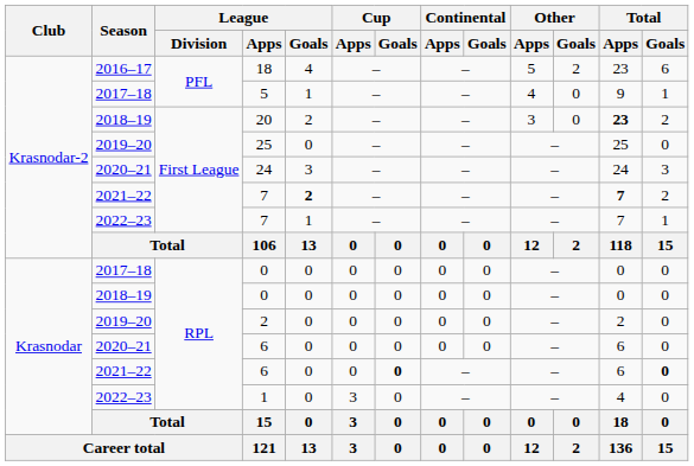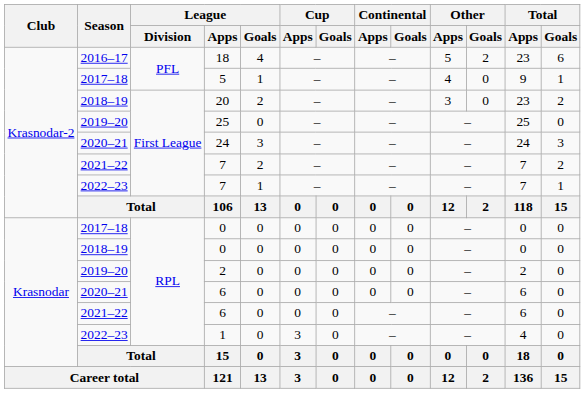 <table class="wikitable" style="text-align: center;">
 <tr>
 <th rowspan=2>Club</th>
 <th rowspan=2>Season</th>
 <th colspan=3>League</th>
 <th colspan=2>Cup</th>
 <th colspan=2>Continental</th>
 <th colspan=2>Other</th>
 <th colspan=2>Total</th>
 </tr>
 <tr>
 <th>Division</th>
 <th>Apps</th>
 <th>Goals</th>
 <th>Apps</th>
 <th>Goals</th>
 <th>Apps</th>
 <th>Goals</th>
 <th>Apps</th>
 <th>Goals</th>
 <th>Apps</th>
 <th>Goals</th>
 </tr>
 <tr>
 <td rowspan="8"><a href='#'>Krasnodar-2</a></td>
 <td><a href='#'>2016–17</a></td>
 <td rowspan="2"><a href='#'>PFL</a></td>
 <td>18</td>
 <td>4</td>
 <td colspan=2>–</td>
 <td colspan=2>–</td>
 <td>5</td>
 <td>2</td>
 <td>23</td>
 <td>6</td>
 </tr>
 <tr>
 <td><a href='#'>2017–18</a></td>
 <td>5</td>
 <td>1</td>
 <td colspan=2>–</td>
 <td colspan=2>–</td>
 <td>4</td>
 <td>0</td>
 <td>9</td>
 <td>1</td>
 </tr>
 <tr>
 <td><a href='#'>2018–19</a></td>
 <td rowspan="5"><a href='#'>First League</a></td>
 <td>20</td>
 <td>2</td>
 <td colspan=2>–</td>
 <td colspan=2>–</td>
 <td>3</td>
 <td>0</td>
-<td><strong>23</strong></td>
+<td>23</td>
 <td>2</td>
 </tr>
 <tr>
 <td><a href='#'>2019–20</a></td>
 <td>25</td>
 <td>0</td>
 <td colspan=2>–</td>
 <td colspan=2>–</td>
 <td colspan=2>–</td>
 <td>25</td>
 <td>0</td>
 </tr>
 <tr>
 <td><a href='#'>2020–21</a></td>
 <td>24</td>
 <td>3</td>
 <td colspan=2>–</td>
 <td colspan=2>–</td>
 <td colspan=2>–</td>
 <td>24</td>
 <td>3</td>
 </tr>
 <tr>
 <td><a href='#'>2021–22</a></td>
 <td>7</td>
-<td><strong>2</strong></td>
+<td>2</td>
 <td colspan=2>–</td>
 <td colspan=2>–</td>
 <td colspan=2>–</td>
-<td><strong>7</strong></td>
+<td>7</td>
 <td>2</td>
 </tr>
 <tr>
 <td><a href='#'>2022–23</a></td>
 <td>7</td>
 <td>1</td>
 <td colspan=2>–</td>
 <td colspan=2>–</td>
 <td colspan=2>–</td>
 <td>7</td>
 <td>1</td>
 </tr>
 <tr>
 <th colspan=2>Total</th>
 <th>106</th>
 <th>13</th>
 <th>0</th>
 <th>0</th>
 <th>0</th>
 <th>0</th>
 <th>12</th>
 <th>2</th>
 <th>118</th>
 <th>15</th>
 </tr>
 <tr>
 <td rowspan="7"><a href='#'>Krasnodar</a></td>
 <td><a href='#'>2017–18</a></td>
 <td rowspan="6"><a href='#'>RPL</a></td>
 <td>0</td>
 <td>0</td>
 <td>0</td>
 <td>0</td>
 <td>0</td>
 <td>0</td>
 <td colspan=2>–</td>
 <td>0</td>
 <td>0</td>
 </tr>
 <tr>
 <td><a href='#'>2018–19</a></td>
 <td>0</td>
 <td>0</td>
 <td>0</td>
 <td>0</td>
 <td>0</td>
 <td>0</td>
 <td colspan=2>–</td>
 <td>0</td>
 <td>0</td>
 </tr>
 <tr>
 <td><a href='#'>2019–20</a></td>
 <td>2</td>
 <td>0</td>
 <td>0</td>
 <td>0</td>
 <td>0</td>
 <td>0</td>
 <td colspan=2>–</td>
 <td>2</td>
 <td>0</td>
 </tr>
 <tr>
 <td><a href='#'>2020–21</a></td>
 <td>6</td>
 <td>0</td>
 <td>0</td>
 <td>0</td>
 <td>0</td>
 <td>0</td>
 <td colspan=2>–</td>
 <td>6</td>
 <td>0</td>
 </tr>
 <tr>
 <td><a href='#'>2021–22</a></td>
 <td>6</td>
 <td>0</td>
 <td>0</td>
-<td><strong>0</strong></td>
+<td>0</td>
 <td colspan=2>–</td>
 <td colspan=2>–</td>
 <td>6</td>
-<td><strong>0</strong></td>
+<td>0</td>
 </tr>
 <tr>
 <td><a href='#'>2022–23</a></td>
 <td>1</td>
 <td>0</td>
 <td>3</td>
 <td>0</td>
 <td colspan=2>–</td>
 <td colspan=2>–</td>
 <td>4</td>
 <td>0</td>
 </tr>
 <tr>
 <th colspan=2>Total</th>
 <th>15</th>
 <th>0</th>
 <th>3</th>
 <th>0</th>
 <th>0</th>
 <th>0</th>
 <th>0</th>
 <th>0</th>
 <th>18</th>
 <th>0</th>
 </tr>
 <tr>
 <th colspan=3>Career total</th>
 <th>121</th>
 <th>13</th>
 <th>3</th>
 <th>0</th>
 <th>0</th>
 <th>0</th>
 <th>12</th>
 <th>2</th>
 <th>136</th>
 <th>15</th>
 </tr>
 </table>
